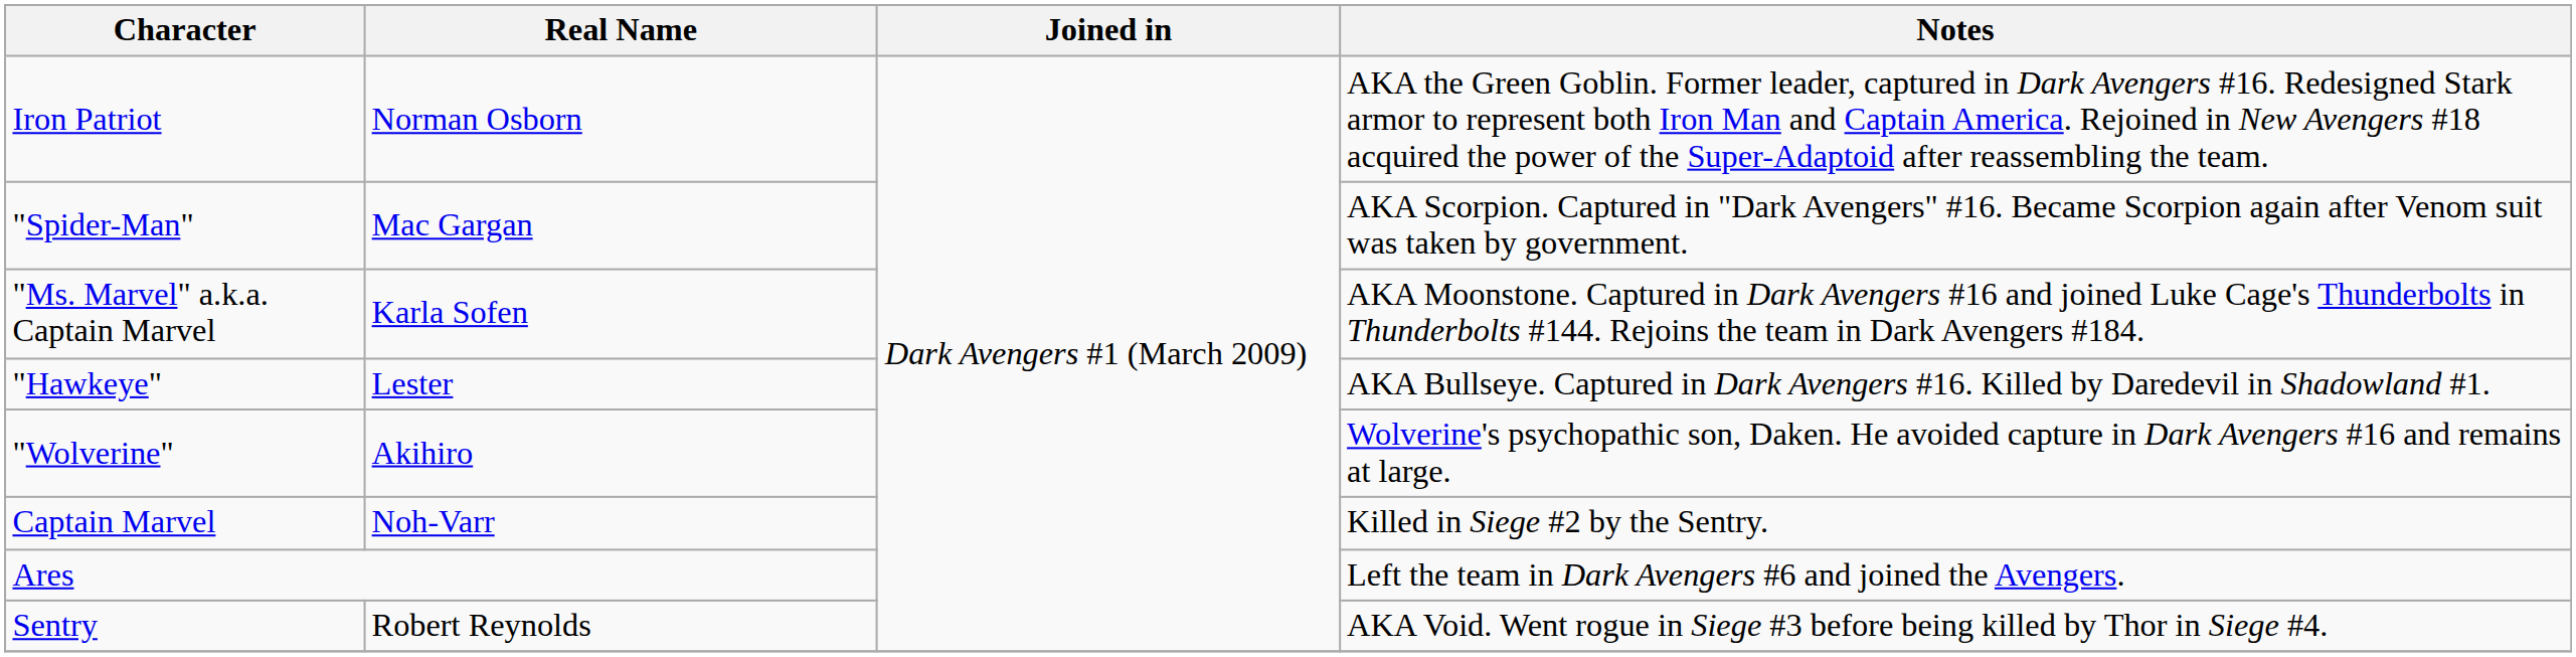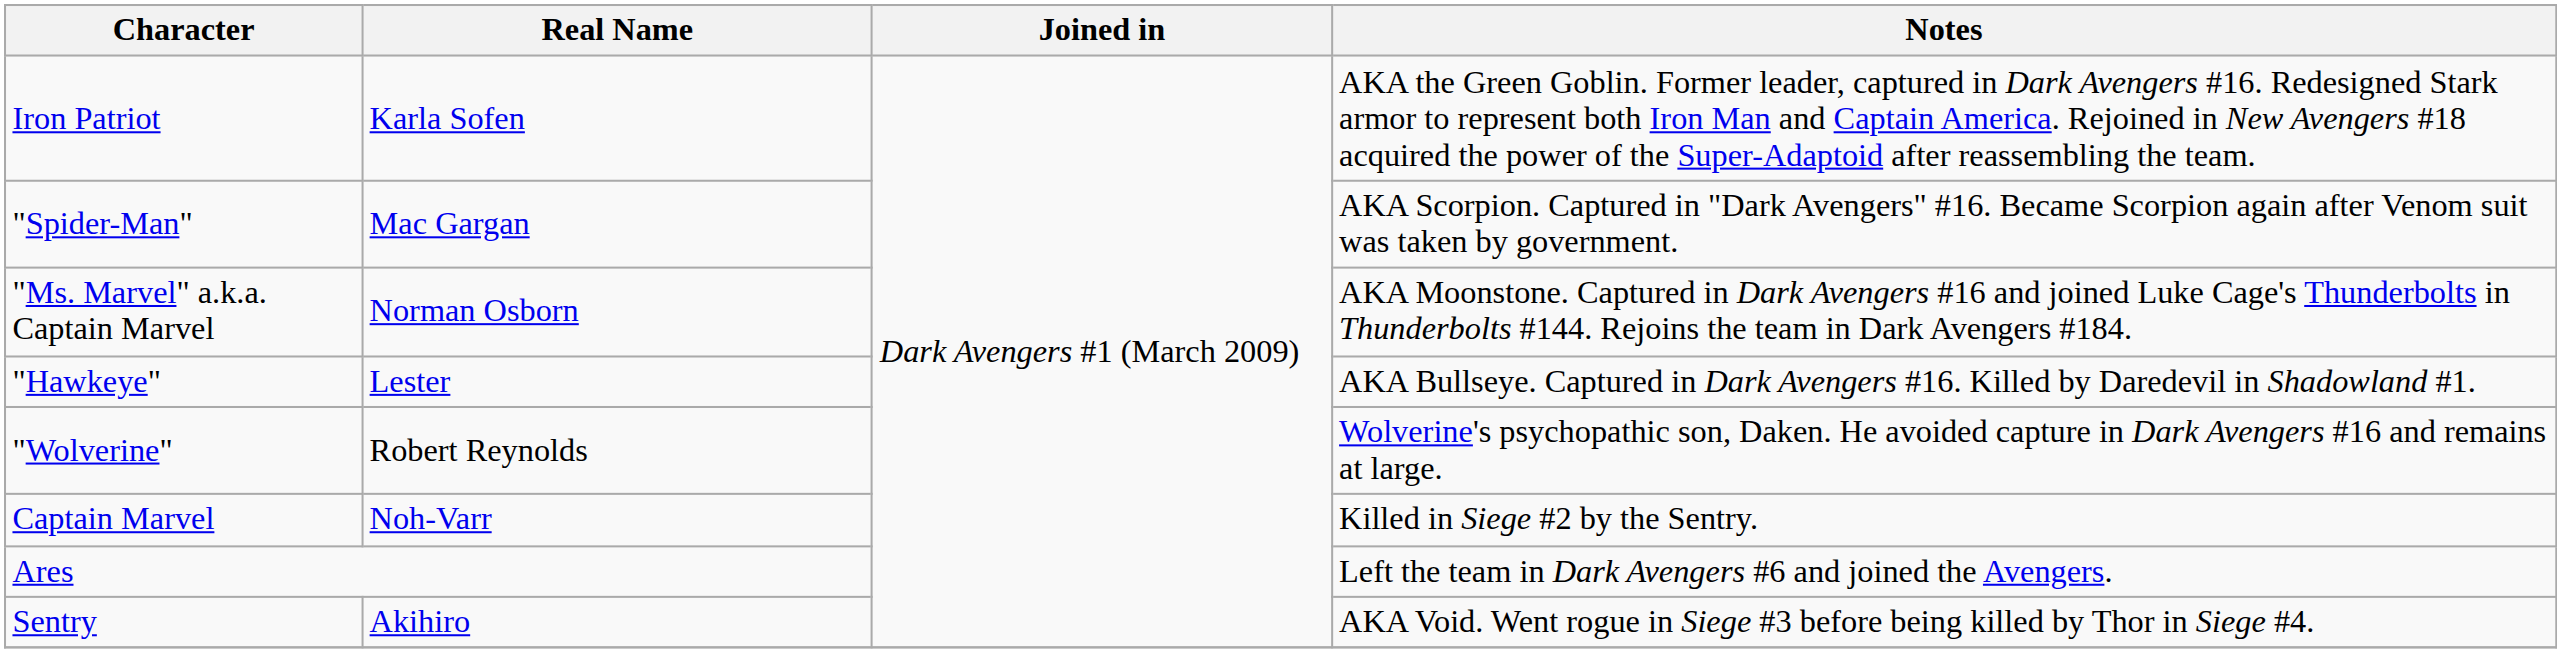 <table class="wikitable" width=100%>
 <tr>
 <th width=14%>Character</th>
 <th width=20%>Real Name</th>
 <th width=18%>Joined in</th>
 <th>Notes</th>
 </tr>
 <tr>
 <td><a href='#'>Iron Patriot</a></td>
-<td><a href='#'>Norman Osborn</a></td>
+<td><a href='#'>Karla Sofen</a></td>
 <td rowspan="8"><em>Dark Avengers</em> #1 (March 2009)</td>
 <td>AKA the Green Goblin. Former leader, captured in <em>Dark Avengers</em> #16. Redesigned Stark armor to represent both <a href='#'>Iron Man</a> and <a href='#'>Captain America</a>. Rejoined in <em>New Avengers</em> #18 acquired the power of the <a href='#'>Super-Adaptoid</a> after reassembling the team.</td>
 </tr>
 <tr>
 <td>"<a href='#'>Spider-Man</a>"</td>
 <td><a href='#'>Mac Gargan</a></td>
 <td>AKA Scorpion. Captured in "Dark Avengers" #16. Became Scorpion again after Venom suit was taken by government.</td>
 </tr>
 <tr>
 <td>"<a href='#'>Ms. Marvel</a>" a.k.a. Captain Marvel</td>
-<td><a href='#'>Karla Sofen</a></td>
+<td><a href='#'>Norman Osborn</a></td>
 <td>AKA Moonstone. Captured in <em>Dark Avengers</em> #16 and joined Luke Cage's <a href='#'>Thunderbolts</a> in <em>Thunderbolts</em> #144. Rejoins the team in Dark Avengers #184.</td>
 </tr>
 <tr>
 <td>"<a href='#'>Hawkeye</a>"</td>
 <td><a href='#'>Lester</a></td>
 <td>AKA Bullseye. Captured in <em>Dark Avengers</em> #16. Killed by Daredevil in <em>Shadowland</em> #1.</td>
 </tr>
 <tr>
 <td>"<a href='#'>Wolverine</a>"</td>
-<td><a href='#'>Akihiro</a></td>
+<td>Robert Reynolds</td>
 <td><a href='#'>Wolverine</a>'s psychopathic son, Daken. He avoided capture in <em>Dark Avengers</em> #16 and remains at large.</td>
 </tr>
 <tr>
 <td><a href='#'>Captain Marvel</a></td>
 <td><a href='#'>Noh-Varr</a></td>
 <td>Killed in <em>Siege</em> #2 by the Sentry.</td>
 </tr>
 <tr>
 <td colspan="2"><a href='#'>Ares</a></td>
 <td>Left the team in <em>Dark Avengers</em> #6 and joined the <a href='#'>Avengers</a>.</td>
 </tr>
 <tr>
 <td><a href='#'>Sentry</a></td>
-<td>Robert Reynolds</td>
+<td><a href='#'>Akihiro</a></td>
 <td>AKA Void. Went rogue in <em>Siege</em> #3 before being killed by Thor in <em>Siege</em> #4.</td>
 </tr>
 <tr>
 </tr>
 </table>
